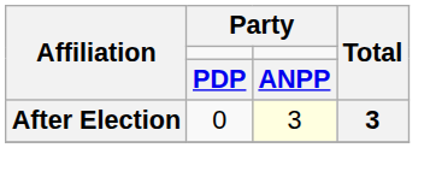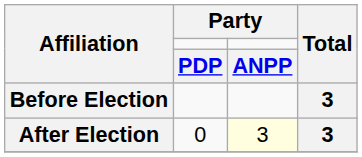 <table class="wikitable" style="text-align:center">
 <tr>
 <th rowspan="3">Affiliation</th>
 <th colspan="2">Party</th>
 <th rowspan="3">Total</th>
 </tr>
 <tr>
 <td style="background-color:"></td>
 <td style="background-color:"></td>
 </tr>
 <tr>
 <th><a href='#'>PDP</a></th>
 <th><a href='#'>ANPP</a></th>
 </tr>
 <tr>
+<th>Before Election</th>
+<td></td>
+<td></td>
+<th>3</th>
+</tr>
+<tr>
 <th>After Election</th>
 <td>0</td>
 <td style="background: lightyellow;">3</td>
 <th>3</th>
 </tr>
 <tr>
 </tr>
 </table>
